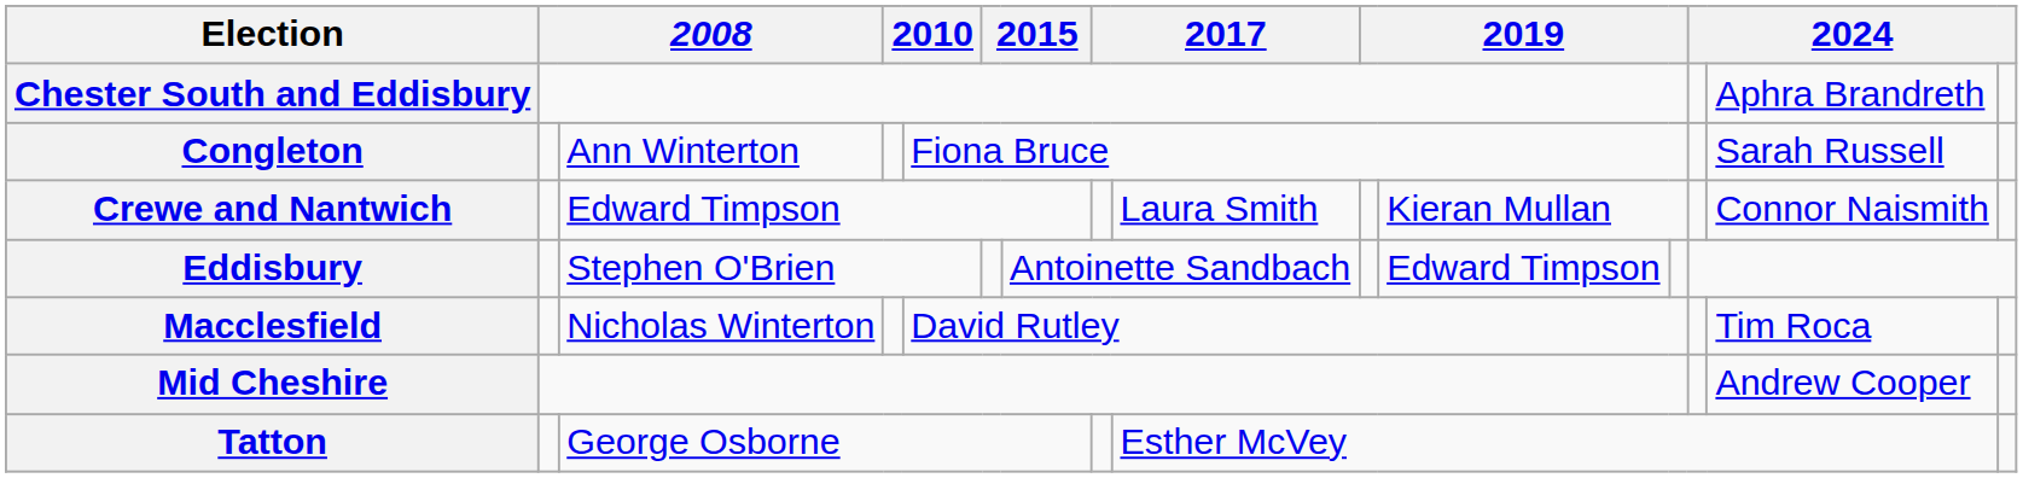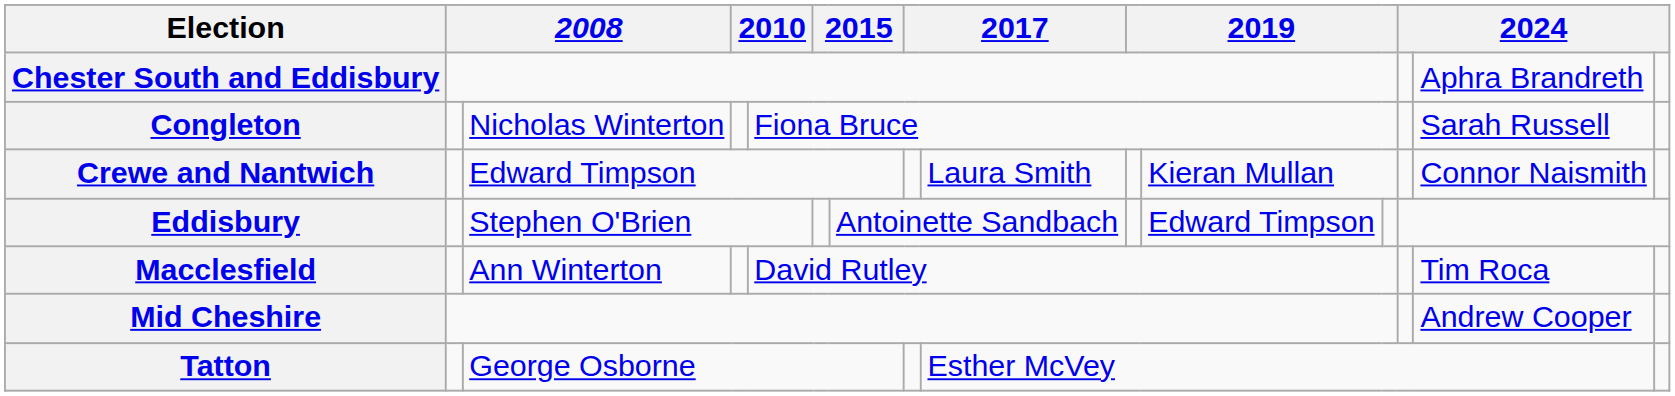 <table class="wikitable">
 <tr>
 <th>Election</th>
 <th colspan = 2><em><a href='#'>2008</a></em></th>
 <th colspan = 2><a href='#'>2010</a></th>
 <th colspan = 2><a href='#'>2015</a></th>
 <th colspan = 2><a href='#'>2017</a></th>
 <th colspan = 3><a href='#'>2019</a></th>
 <th colspan = 3><a href='#'>2024</a></th>
 </tr>
 <tr>
 <th><a href='#'>Chester South and Eddisbury</a></th>
 <td colspan = 11></td>
 <td width=1px style="color:inherit;background-color: "></td>
 <td><a href='#'>Aphra Brandreth</a></td>
 <td width=1px style="color:inherit;background-color: "></td>
 </tr>
 <tr>
 <th><a href='#'>Congleton</a></th>
 <td width=1px style="color:inherit;background-color: "></td>
-<td><a href='#'>Ann Winterton</a></td>
+<td><a href='#'>Nicholas Winterton</a></td>
 <td width=1px style="color:inherit;background-color: "></td>
 <td colspan = 8><a href='#'>Fiona Bruce</a></td>
 <td width=1px style="color:inherit;background-color: "></td>
 <td><a href='#'>Sarah Russell</a></td>
 <td width=1px style="color:inherit;background-color: "></td>
 </tr>
 <tr>
 <th><a href='#'>Crewe and Nantwich</a></th>
 <td width=1px style="color:inherit;background-color: "></td>
 <td colspan = 5><a href='#'>Edward Timpson</a></td>
 <td width=1px style="color:inherit;background-color: "></td>
 <td><a href='#'>Laura Smith</a></td>
 <td width=1px style="color:inherit;background-color: "></td>
 <td colspan = 2><a href='#'>Kieran Mullan</a></td>
 <td width=1px style="color:inherit;background-color: "></td>
 <td><a href='#'>Connor Naismith</a></td>
 <td width=1px style="color:inherit;background-color: "></td>
 </tr>
 <tr>
 <th><a href='#'>Eddisbury</a></th>
 <td width=1px style="color:inherit;background-color: "></td>
 <td colspan = 3><a href='#'>Stephen O'Brien</a></td>
 <td width=1px style="color:inherit;background-color: "></td>
 <td colspan = 3><a href='#'>Antoinette Sandbach</a></td>
 <td width=1px style="color:inherit;background-color: "></td>
 <td colspan = 1><a href='#'>Edward Timpson</a></td>
 <td width=1px style="color:inherit;background-color: "></td>
 </tr>
 <tr>
 <th><a href='#'>Macclesfield</a></th>
 <td width=1px style="color:inherit;background-color: "></td>
-<td><a href='#'>Nicholas Winterton</a></td>
+<td><a href='#'>Ann Winterton</a></td>
 <td width=1px style="color:inherit;background-color: "></td>
 <td colspan = 8><a href='#'>David Rutley</a></td>
 <td width=1px style="color:inherit;background-color: "></td>
 <td><a href='#'>Tim Roca</a></td>
 <td width=1px style="color:inherit;background-color: "></td>
 </tr>
 <tr>
 <th><a href='#'>Mid Cheshire</a></th>
 <td colspan = 11></td>
 <td width=1px style="color:inherit;background-color: "></td>
 <td><a href='#'>Andrew Cooper</a></td>
 <td width=1px style="color:inherit;background-color: "></td>
 </tr>
 <tr>
 <th><a href='#'>Tatton</a></th>
 <td width=1px style="color:inherit;background-color: "></td>
 <td colspan = 5><a href='#'>George Osborne</a></td>
 <td width=1px style="color:inherit;background-color: "></td>
 <td colspan = 6><a href='#'>Esther McVey</a></td>
 <td width=1px style="color:inherit;background-color: "></td>
 </tr>
 </table>
